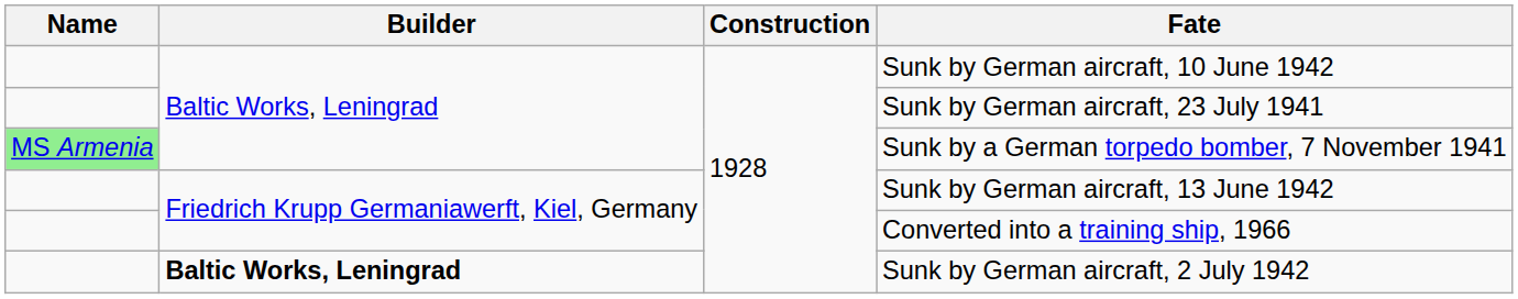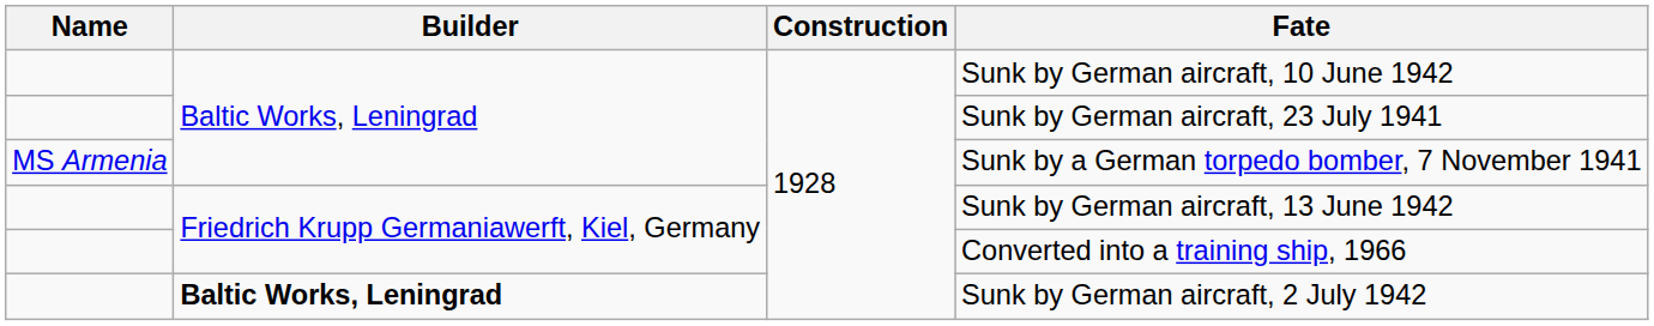 <table class="wikitable plainrowheaders">
 <tr>
 <th scope="col">Name</th>
 <th scope="col">Builder</th>
 <th scope="col">Construction</th>
 <th scope="col">Fate</th>
 </tr>
 <tr>
 <td scope="row"></td>
 <td rowspan=3><a href='#'>Baltic Works</a>, <a href='#'>Leningrad</a></td>
 <td rowspan=6>1928</td>
 <td>Sunk by German aircraft, 10 June 1942</td>
 </tr>
 <tr>
 <td scope="row"></td>
 <td>Sunk by German aircraft, 23 July 1941</td>
 </tr>
 <tr>
-<td scope="row" style="background: lightgreen;"><a href='#'>MS <em>Armenia</em></a></td>
+<td scope="row"><a href='#'>MS <em>Armenia</em></a></td>
 <td>Sunk by a German <a href='#'>torpedo bomber</a>, 7 November 1941</td>
 </tr>
 <tr>
 <td scope="row"></td>
 <td rowspan=2><a href='#'>Friedrich Krupp Germaniawerft</a>, <a href='#'>Kiel</a>, Germany</td>
 <td>Sunk by German aircraft, 13 June 1942</td>
 </tr>
 <tr>
 <td scope="row"></td>
 <td>Converted into a <a href='#'>training ship</a>, 1966</td>
 </tr>
 <tr>
 <td scope="row"></td>
 <td><strong>Baltic Works, Leningrad</strong></td>
 <td>Sunk by German aircraft, 2 July 1942</td>
 </tr>
 </table>
